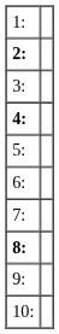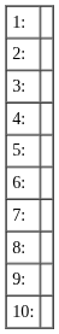 <table border="1" cellspacing="0" cellpadding="5">
 <tr>
 <td>1:</td>
 <td></td>
 </tr>
 <tr>
-<td><strong>2:</strong></td>
+<td>2:</td>
 <td></td>
 </tr>
 <tr>
 <td>3:</td>
 <td></td>
 </tr>
 <tr>
-<td><strong>4:</strong></td>
+<td>4:</td>
 <td></td>
 </tr>
 <tr>
 <td>5:</td>
 <td></td>
 </tr>
 <tr>
 <td>6:</td>
 <td></td>
 </tr>
 <tr>
 <td>7:</td>
 <td></td>
 </tr>
 <tr>
-<td><strong>8:</strong></td>
+<td>8:</td>
 <td></td>
 </tr>
 <tr>
 <td>9:</td>
 <td></td>
 </tr>
 <tr>
 <td>10:</td>
 <td></td>
 </tr>
 <tr>
 </tr>
 </table>
